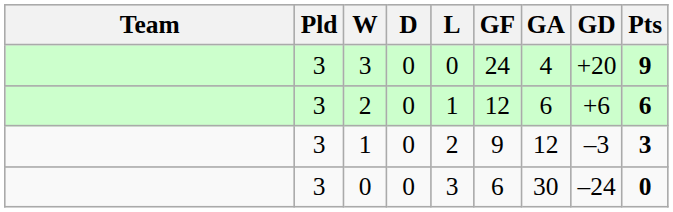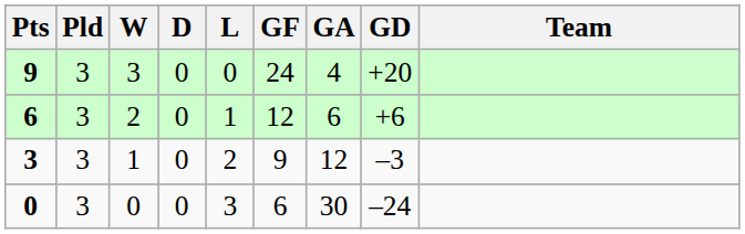 <table class="wikitable" style="text-align: center;">
 <tr>
-<th width="175">Team</th>
+<th width="20">Pts<br></th>
 <th width="20">Pld</th>
 <th width="20">W</th>
 <th width="20">D</th>
 <th width="20">L</th>
 <th width="20">GF</th>
 <th width="20">GA</th>
 <th width="20">GD</th>
-<th width="20">Pts<br></th>
+<th width="175">Team</th>
 </tr>
 <tr align=center bgcolor="ccffcc">
-<td style="text-align:left;"></td>
+<td><strong>9</strong></td>
 <td>3</td>
 <td>3</td>
 <td>0</td>
 <td>0</td>
 <td>24</td>
 <td>4</td>
 <td>+20</td>
-<td><strong>9</strong></td>
+<td style="text-align:left;"></td>
 </tr>
 <tr align=center bgcolor="ccffcc">
-<td style="text-align:left;"></td>
+<td><strong>6</strong></td>
 <td>3</td>
 <td>2</td>
 <td>0</td>
 <td>1</td>
 <td>12</td>
 <td>6</td>
 <td>+6</td>
-<td><strong>6</strong></td>
+<td style="text-align:left;"></td>
 </tr>
 <tr align=center>
-<td style="text-align:left;"></td>
+<td><strong>3</strong></td>
 <td>3</td>
 <td>1</td>
 <td>0</td>
 <td>2</td>
 <td>9</td>
 <td>12</td>
 <td>–3</td>
-<td><strong>3</strong></td>
+<td style="text-align:left;"></td>
 </tr>
 <tr align=center>
-<td style="text-align:left;"></td>
+<td><strong>0</strong></td>
 <td>3</td>
 <td>0</td>
 <td>0</td>
 <td>3</td>
 <td>6</td>
 <td>30</td>
 <td>–24</td>
-<td><strong>0</strong></td>
+<td style="text-align:left;"></td>
 </tr>
 </table>
